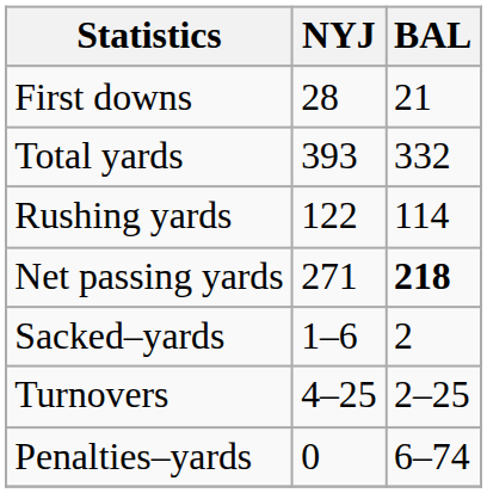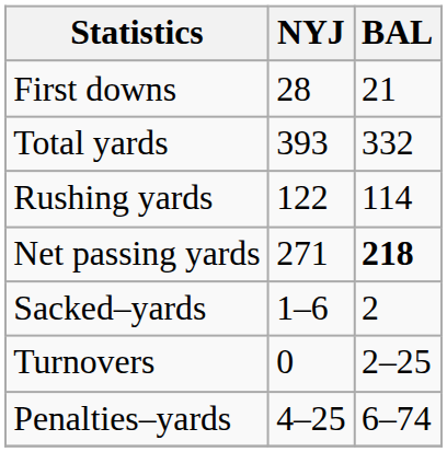 <table class="wikitable" style="float: left;">
 <tr>
 <th>Statistics</th>
 <th>NYJ</th>
 <th>BAL</th>
 </tr>
 <tr>
 <td>First downs</td>
 <td>28</td>
 <td>21</td>
 </tr>
 <tr>
 <td>Total yards</td>
 <td>393</td>
 <td>332</td>
 </tr>
 <tr>
 <td>Rushing yards</td>
 <td>122</td>
 <td>114</td>
 </tr>
 <tr>
 <td>Net passing yards</td>
 <td>271</td>
 <td><strong>218</strong></td>
 </tr>
 <tr>
 <td>Sacked–yards</td>
 <td>1–6</td>
 <td>2</td>
 </tr>
 <tr>
 <td>Turnovers</td>
-<td>4–25</td>
+<td>0</td>
 <td>2–25</td>
 </tr>
 <tr>
 <td>Penalties–yards</td>
-<td>0</td>
+<td>4–25</td>
 <td>6–74</td>
 </tr>
 <tr>
 </tr>
 </table>
